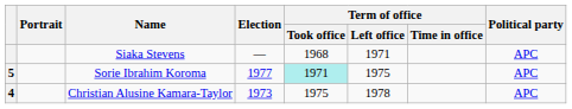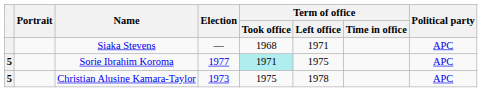 <table class="wikitable" style="text-align:center">
 <tr>
 <th rowspan="2"></th>
 <th rowspan="2">Portrait</th>
 <th rowspan="2">Name<br></th>
 <th rowspan="2">Election</th>
 <th colspan="3">Term of office</th>
 <th rowspan="2">Political party</th>
 </tr>
 <tr>
 <th>Took office</th>
 <th>Left office</th>
 <th>Time in office</th>
 </tr>
 <tr>
 <th style="background:"></th>
 <td></td>
 <td><a href='#'>Siaka Stevens</a><br></td>
 <td>—</td>
 <td> 1968</td>
 <td> 1971</td>
 <td></td>
 <td><a href='#'>APC</a></td>
 </tr>
 <tr>
 <th style="background:">5</th>
 <td></td>
 <td><a href='#'>Sorie Ibrahim Koroma</a><br></td>
 <td><a href='#'>1977</a></td>
 <td style="background: paleturquoise;"> 1971</td>
 <td> 1975</td>
 <td></td>
 <td><a href='#'>APC</a></td>
 </tr>
 <tr>
-<th style="background:">4</th>
+<th style="background:">5</th>
 <td></td>
 <td><a href='#'>Christian Alusine Kamara-Taylor</a><br></td>
 <td><a href='#'>1973</a></td>
 <td> 1975</td>
 <td> 1978</td>
 <td></td>
 <td><a href='#'>APC</a></td>
 </tr>
 </table>
